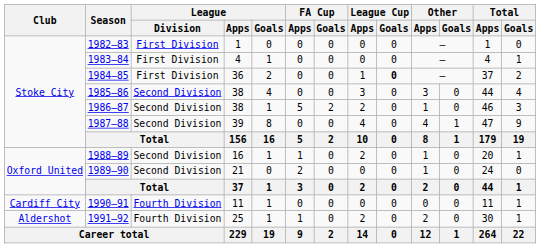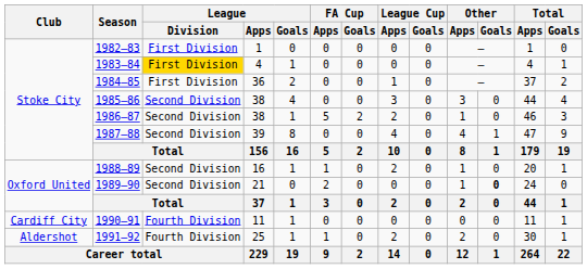 <table class="wikitable" style="text-align: center;">
 <tr>
 <th rowspan="2">Club</th>
 <th rowspan="2">Season</th>
 <th colspan="3">League</th>
 <th colspan="2">FA Cup</th>
 <th colspan="2">League Cup</th>
 <th colspan="2">Other</th>
 <th colspan="2">Total</th>
 </tr>
 <tr>
 <th>Division</th>
 <th>Apps</th>
 <th>Goals</th>
 <th>Apps</th>
 <th>Goals</th>
 <th>Apps</th>
 <th>Goals</th>
 <th>Apps</th>
 <th>Goals</th>
 <th>Apps</th>
 <th>Goals</th>
 </tr>
 <tr>
 <td rowspan="7"><a href='#'>Stoke City</a></td>
 <td><a href='#'>1982–83</a></td>
 <td><a href='#'>First Division</a></td>
 <td>1</td>
 <td>0</td>
 <td>0</td>
 <td>0</td>
 <td>0</td>
 <td>0</td>
 <td colspan=2>—</td>
 <td>1</td>
 <td>0</td>
 </tr>
 <tr>
 <td><a href='#'>1983–84</a></td>
-<td>First Division</td>
+<td style="background: gold;">First Division</td>
 <td>4</td>
 <td>1</td>
 <td>0</td>
 <td>0</td>
 <td>0</td>
 <td>0</td>
 <td colspan=2>—</td>
 <td>4</td>
 <td>1</td>
 </tr>
 <tr>
 <td><a href='#'>1984–85</a></td>
 <td>First Division</td>
 <td>36</td>
 <td>2</td>
 <td>0</td>
 <td>0</td>
 <td>1</td>
-<td><strong>0</strong></td>
+<td>0</td>
 <td colspan=2>—</td>
 <td>37</td>
 <td>2</td>
 </tr>
 <tr>
 <td><a href='#'>1985–86</a></td>
 <td><a href='#'>Second Division</a></td>
 <td>38</td>
 <td>4</td>
 <td>0</td>
 <td>0</td>
 <td>3</td>
 <td>0</td>
 <td>3</td>
 <td>0</td>
 <td>44</td>
 <td>4</td>
 </tr>
 <tr>
 <td><a href='#'>1986–87</a></td>
 <td>Second Division</td>
 <td>38</td>
 <td>1</td>
 <td>5</td>
 <td>2</td>
 <td>2</td>
 <td>0</td>
 <td>1</td>
 <td>0</td>
 <td>46</td>
 <td>3</td>
 </tr>
 <tr>
 <td><a href='#'>1987–88</a></td>
 <td>Second Division</td>
 <td>39</td>
 <td>8</td>
 <td>0</td>
 <td>0</td>
 <td>4</td>
 <td>0</td>
 <td>4</td>
 <td>1</td>
 <td>47</td>
 <td>9</td>
 </tr>
 <tr>
 <th colspan="2">Total</th>
 <th>156</th>
 <th>16</th>
 <th>5</th>
 <th>2</th>
 <th>10</th>
 <th>0</th>
 <th>8</th>
 <th>1</th>
 <th>179</th>
 <th>19</th>
 </tr>
 <tr>
 <td rowspan="3"><a href='#'>Oxford United</a></td>
 <td><a href='#'>1988–89</a></td>
 <td>Second Division</td>
 <td>16</td>
 <td>1</td>
 <td>1</td>
 <td>0</td>
 <td>2</td>
 <td>0</td>
 <td>1</td>
 <td>0</td>
 <td>20</td>
 <td>1</td>
 </tr>
 <tr>
 <td><a href='#'>1989–90</a></td>
 <td>Second Division</td>
 <td>21</td>
 <td>0</td>
 <td>2</td>
 <td>0</td>
 <td>0</td>
 <td>0</td>
 <td>1</td>
-<td>0</td>
+<td><strong>0</strong></td>
 <td>24</td>
 <td>0</td>
 </tr>
 <tr>
 <th colspan="2">Total</th>
 <th>37</th>
 <th>1</th>
 <th>3</th>
 <th>0</th>
 <th>2</th>
 <th>0</th>
 <th>2</th>
 <th>0</th>
 <th>44</th>
 <th>1</th>
 </tr>
 <tr>
 <td><a href='#'>Cardiff City</a></td>
 <td><a href='#'>1990–91</a></td>
 <td><a href='#'>Fourth Division</a></td>
 <td>11</td>
 <td>1</td>
 <td>0</td>
 <td>0</td>
 <td>0</td>
 <td>0</td>
 <td>0</td>
 <td>0</td>
 <td>11</td>
 <td>1</td>
 </tr>
 <tr>
 <td><a href='#'>Aldershot</a></td>
 <td><a href='#'>1991–92</a></td>
 <td>Fourth Division</td>
 <td>25</td>
 <td>1</td>
 <td>1</td>
 <td>0</td>
 <td>2</td>
 <td>0</td>
 <td>2</td>
 <td>0</td>
 <td>30</td>
 <td>1</td>
 </tr>
 <tr>
 <th colspan="3">Career total</th>
 <th>229</th>
 <th>19</th>
 <th>9</th>
 <th>2</th>
 <th>14</th>
 <th>0</th>
 <th>12</th>
 <th>1</th>
 <th>264</th>
 <th>22</th>
 </tr>
 </table>
